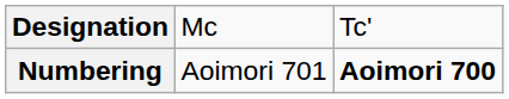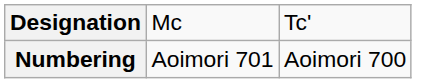 <table class="wikitable">
 <tr>
 <th>Designation</th>
 <td>Mc</td>
 <td>Tc'</td>
 </tr>
 <tr>
 <th>Numbering</th>
 <td>Aoimori 701</td>
-<td><strong>Aoimori 700</strong></td>
+<td>Aoimori 700</td>
 </tr>
 </table>
